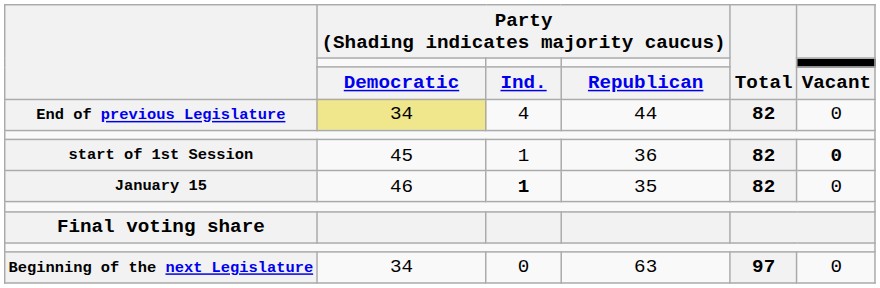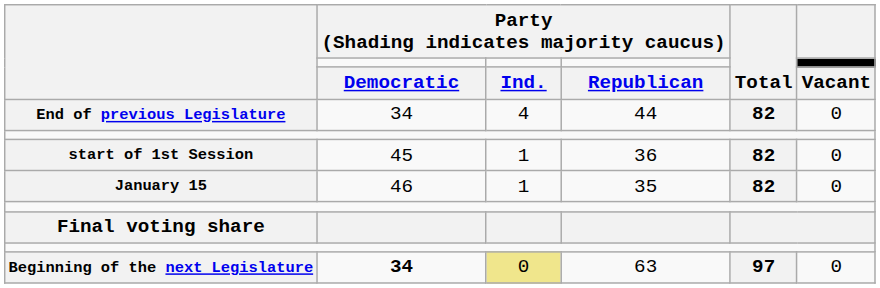 <table class=wikitable style="text-align:center">
 <tr style="vertical-align:bottom;">
 <th rowspan=3></th>
 <th colspan=3>Party <div>(Shading indicates majority caucus)</div></th>
 <th rowspan=3>Total</th>
 <th></th>
 </tr>
 <tr style="height:5px">
 <td style="background-color:"></td>
 <td style="background-color:"></td>
 <td style="background-color:"></td>
 <td style="background:black;"></td>
 </tr>
 <tr>
 <th><a href='#'>Democratic</a></th>
 <th><a href='#'>Ind.</a></th>
 <th><a href='#'>Republican</a></th>
 <th>Vacant</th>
 </tr>
 <tr>
 <th style="font-size:80%;">End of <a href='#'>previous Legislature</a></th>
-<td style="background: khaki;">34</td>
+<td>34</td>
 <td>4</td>
 <td>44</td>
 <th>82</th>
 <td>0</td>
 </tr>
 <tr>
 <td colspan=7></td>
 </tr>
 <tr>
 <th style="font-size:80%;">start of 1st Session</th>
 <td>45</td>
 <td>1</td>
 <td>36</td>
 <th>82</th>
-<td><strong>0</strong></td>
+<td>0</td>
 </tr>
 <tr>
 <th style="font-size:80%;">January 15</th>
 <td>46</td>
-<td><strong>1</strong></td>
+<td>1</td>
 <td>35</td>
 <th>82</th>
 <td>0</td>
 </tr>
 <tr>
 <td colspan=7></td>
 </tr>
 <tr>
 <th>Final voting share</th>
 <th></th>
 <th></th>
 <th></th>
 <th colspan=2></th>
 </tr>
 <tr>
 <td colspan=7></td>
 </tr>
 <tr>
 <th style="font-size:80%;">Beginning of the <a href='#'>next Legislature</a></th>
-<td>34</td>
-<td>0</td>
+<td><strong>34</strong></td>
+<td style="background: khaki;">0</td>
 <td>63</td>
 <th>97</th>
 <td>0</td>
 </tr>
 </table>
